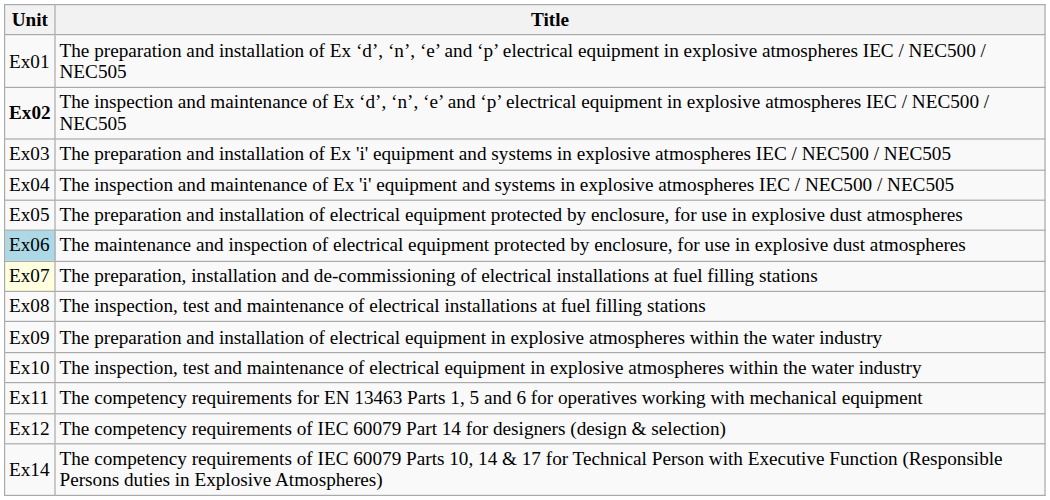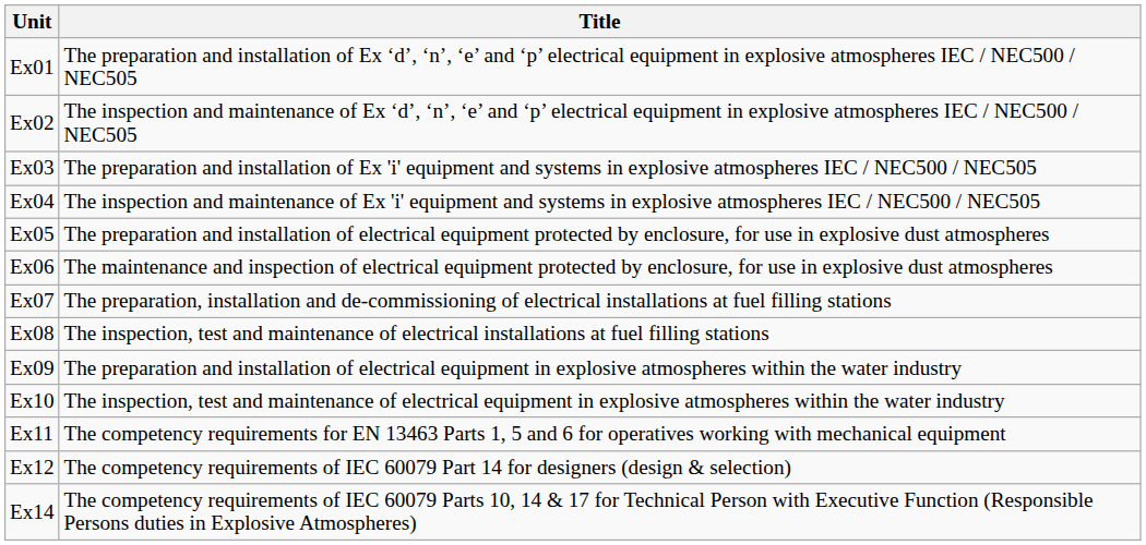 <table class="wikitable">
 <tr>
 <th>Unit</th>
 <th>Title</th>
 </tr>
 <tr>
 <td>Ex01</td>
 <td>The preparation and installation of Ex ‘d’, ‘n’, ‘e’ and ‘p’ electrical equipment in explosive atmospheres     IEC / NEC500 / NEC505</td>
 </tr>
 <tr>
-<td><strong>Ex02</strong></td>
+<td>Ex02</td>
 <td>The inspection and maintenance of Ex ‘d’, ‘n’, ‘e’ and ‘p’ electrical equipment in explosive atmospheres     IEC / NEC500 / NEC505</td>
 </tr>
 <tr>
 <td>Ex03</td>
 <td>The preparation and installation of Ex 'i' equipment and systems in explosive atmospheres     IEC / NEC500 / NEC505</td>
 </tr>
 <tr>
 <td>Ex04</td>
 <td>The inspection and maintenance of Ex 'i' equipment and systems in explosive atmospheres     IEC / NEC500 / NEC505</td>
 </tr>
 <tr>
 <td>Ex05</td>
 <td>The preparation and installation of electrical equipment protected by enclosure, for use in explosive dust atmospheres</td>
 </tr>
 <tr>
-<td style="background: lightblue;">Ex06</td>
+<td>Ex06</td>
 <td>The maintenance and inspection of electrical equipment protected by enclosure, for use in explosive dust atmospheres</td>
 </tr>
 <tr>
-<td style="background: lightyellow;">Ex07</td>
+<td>Ex07</td>
 <td>The preparation, installation and de-commissioning of electrical installations at fuel filling stations</td>
 </tr>
 <tr>
 <td>Ex08</td>
 <td>The inspection, test and maintenance of electrical installations at fuel filling stations</td>
 </tr>
 <tr>
 <td>Ex09</td>
 <td>The preparation and installation of electrical equipment in explosive atmospheres within the water industry</td>
 </tr>
 <tr>
 <td>Ex10</td>
 <td>The inspection, test and maintenance of electrical equipment in explosive atmospheres within the water industry</td>
 </tr>
 <tr>
 <td>Ex11</td>
 <td>The competency requirements for EN 13463 Parts 1, 5 and 6 for operatives working with mechanical equipment</td>
 </tr>
 <tr>
 <td>Ex12</td>
 <td>The competency requirements of IEC 60079 Part 14 for designers (design & selection)</td>
 </tr>
 <tr>
 <td>Ex14</td>
 <td>The competency requirements of IEC 60079 Parts 10, 14 & 17 for Technical Person with Executive Function (Responsible Persons duties in Explosive Atmospheres)</td>
 </tr>
 </table>
